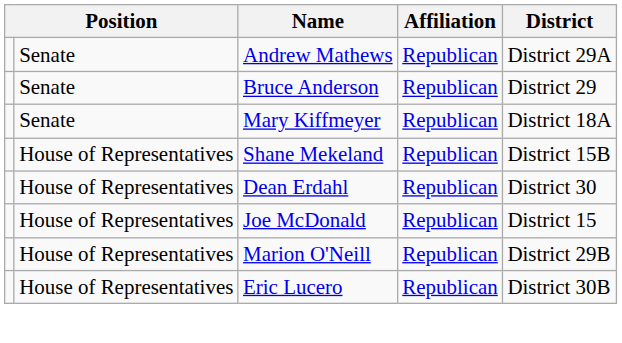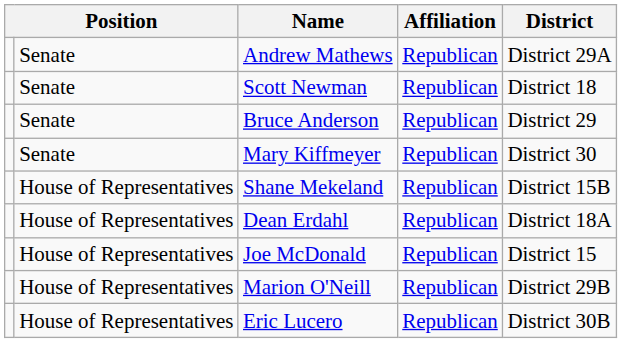 <table class="wikitable">
 <tr>
 <th colspan="2">Position</th>
 <th>Name</th>
 <th>Affiliation</th>
 <th>District</th>
 </tr>
 <tr>
 <td style="background-color:"></td>
 <td>Senate</td>
 <td><a href='#'>Andrew Mathews</a></td>
 <td><a href='#'>Republican</a></td>
 <td>District 29A</td>
 </tr>
 <tr>
 <td style="background-color:"></td>
 <td>Senate</td>
+<td><a href='#'>Scott Newman</a></td>
+<td><a href='#'>Republican</a></td>
+<td>District 18</td>
+</tr>
+<tr>
+<td style="background-color:"></td>
+<td>Senate</td>
 <td><a href='#'>Bruce Anderson</a></td>
 <td><a href='#'>Republican</a></td>
 <td>District 29</td>
 </tr>
 <tr>
 <td style="background-color:"></td>
 <td>Senate</td>
 <td><a href='#'>Mary Kiffmeyer</a></td>
 <td><a href='#'>Republican</a></td>
-<td>District 18A</td>
+<td>District 30</td>
 </tr>
 <tr>
 <td style="background-color:"></td>
 <td>House of Representatives</td>
 <td><a href='#'>Shane Mekeland</a></td>
 <td><a href='#'>Republican</a></td>
 <td>District 15B</td>
 </tr>
 <tr>
 <td style="background-color:"></td>
 <td>House of Representatives</td>
 <td><a href='#'>Dean Erdahl</a></td>
 <td><a href='#'>Republican</a></td>
-<td>District 30</td>
+<td>District 18A</td>
 </tr>
 <tr>
 <td style="background-color:"></td>
 <td>House of Representatives</td>
 <td><a href='#'>Joe McDonald</a></td>
 <td><a href='#'>Republican</a></td>
 <td>District 15</td>
 </tr>
 <tr>
 <td style="background-color:"></td>
 <td>House of Representatives</td>
 <td><a href='#'>Marion O'Neill</a></td>
 <td><a href='#'>Republican</a></td>
 <td>District 29B</td>
 </tr>
 <tr>
 <td style="background-color:"></td>
 <td>House of Representatives</td>
 <td><a href='#'>Eric Lucero</a></td>
 <td><a href='#'>Republican</a></td>
 <td>District 30B</td>
 </tr>
 </table>
